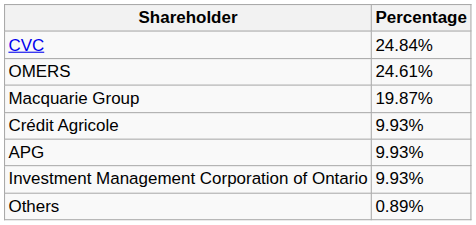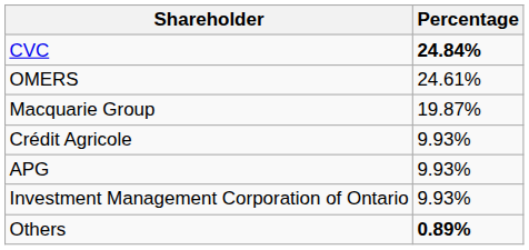 <table class="wikitable">
 <tr>
 <th>Shareholder</th>
 <th>Percentage</th>
 </tr>
 <tr>
 <td><a href='#'>CVC</a></td>
-<td>24.84%</td>
+<td><strong>24.84%</strong></td>
 </tr>
 <tr>
 <td>OMERS</td>
 <td>24.61%</td>
 </tr>
 <tr>
 <td>Macquarie Group</td>
 <td>19.87%</td>
 </tr>
 <tr>
 <td>Crédit Agricole</td>
 <td>9.93%</td>
 </tr>
 <tr>
 <td>APG</td>
 <td>9.93%</td>
 </tr>
 <tr>
 <td>Investment Management Corporation of Ontario</td>
 <td>9.93%</td>
 </tr>
 <tr>
 <td>Others</td>
-<td>0.89%</td>
+<td><strong>0.89%</strong></td>
 </tr>
 </table>
